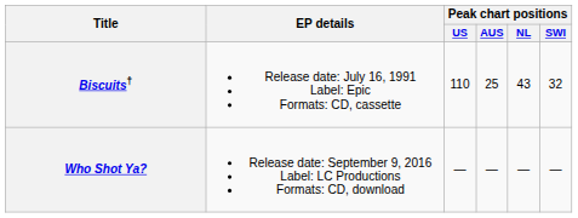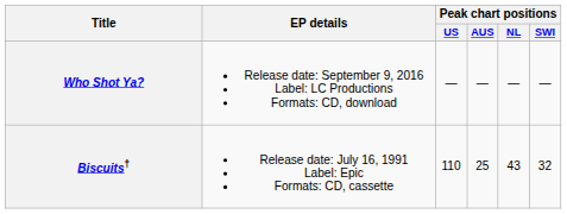 <table class="wikitable plainrowheaders" style="text-align:center;">
 <tr>
 <th rowspan="2" style="width:16em;">Title</th>
 <th rowspan="2" style="width:19em;">EP details</th>
 <th colspan="4">Peak chart positions</th>
 </tr>
 <tr style="font-size:90%;">
 <th width="35"><a href='#'>US</a><br></th>
 <th width="35"><a href='#'>AUS</a><br></th>
 <th width="35"><a href='#'>NL</a><br></th>
 <th width="35"><a href='#'>SWI</a><br></th>
 </tr>
 <tr>
+<th scope="row"><em><a href='#'>Who Shot Ya?</a></em></th>
+<td><br><ul><li>Release date: September 9, 2016</li><li>Label: LC Productions</li><li>Formats: CD, download</li></ul></td>
+<td>—</td>
+<td>—</td>
+<td>—</td>
+<td>—</td>
+</tr>
+<tr>
 <th scope="row"><em><a href='#'>Biscuits</a></em><sup>†</sup></th>
 <td><br><ul><li>Release date: July 16, 1991</li><li>Label: Epic</li><li>Formats: CD, cassette</li></ul></td>
 <td>110</td>
 <td>25</td>
 <td>43</td>
 <td>32</td>
 </tr>
-<tr>
-<th scope="row"><em><a href='#'>Who Shot Ya?</a></em></th>
-<td><br><ul><li>Release date: September 9, 2016</li><li>Label: LC Productions</li><li>Formats: CD, download</li></ul></td>
-<td>—</td>
-<td>—</td>
-<td>—</td>
-<td>—</td>
-</tr>
 </table>
